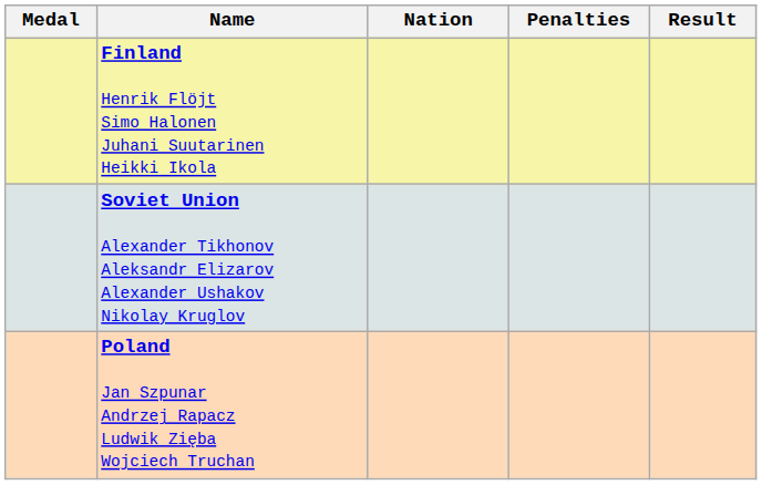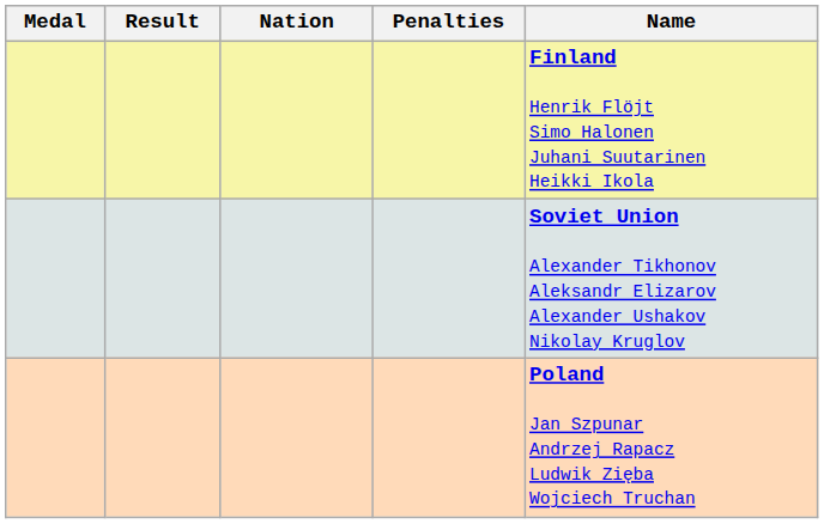 <table class=wikitable style="border:1px solid #AAAAAA;font-size:90%">
 <tr bgcolor="#E4E4E4">
 <th style="border-bottom:1px solid #AAAAAA" width=50>Medal</th>
-<th style="border-bottom:1px solid #AAAAAA" width=160>Name</th>
+<th style="border-bottom:1px solid #AAAAAA" width=60>Result</th>
 <th style="border-bottom:1px solid #AAAAAA" width=80>Nation</th>
 <th style="border-bottom:1px solid #AAAAAA" width=80>Penalties</th>
-<th style="border-bottom:1px solid #AAAAAA" width=60>Result</th>
+<th style="border-bottom:1px solid #AAAAAA" width=160>Name</th>
 </tr>
 <tr bgcolor="#F7F6A8">
 <td align="center"></td>
-<td><strong><a href='#'>Finland</a></strong><br><br><small><a href='#'>Henrik Flöjt</a><br><a href='#'>Simo Halonen</a><br><a href='#'>Juhani Suutarinen</a><br><a href='#'>Heikki Ikola</a></small></td>
+<td align="center"></td>
 <td></td>
 <td align="center"></td>
-<td align="center"></td>
+<td><strong><a href='#'>Finland</a></strong><br><br><small><a href='#'>Henrik Flöjt</a><br><a href='#'>Simo Halonen</a><br><a href='#'>Juhani Suutarinen</a><br><a href='#'>Heikki Ikola</a></small></td>
 </tr>
 <tr bgcolor="#DCE5E5">
 <td align="center"></td>
-<td><strong><a href='#'>Soviet Union</a></strong><br><br><small><a href='#'>Alexander Tikhonov</a><br><a href='#'>Aleksandr Elizarov</a><br><a href='#'>Alexander Ushakov</a><br><a href='#'>Nikolay Kruglov</a></small></td>
+<td align="right"></td>
 <td></td>
 <td align="center"></td>
-<td align="right"></td>
+<td><strong><a href='#'>Soviet Union</a></strong><br><br><small><a href='#'>Alexander Tikhonov</a><br><a href='#'>Aleksandr Elizarov</a><br><a href='#'>Alexander Ushakov</a><br><a href='#'>Nikolay Kruglov</a></small></td>
 </tr>
 <tr bgcolor="#FFDAB9">
 <td align="center"></td>
-<td><strong><a href='#'>Poland</a></strong><br><br><small><a href='#'>Jan Szpunar</a><br><a href='#'>Andrzej Rapacz</a><br><a href='#'>Ludwik Zięba</a><br><a href='#'>Wojciech Truchan</a></small></td>
+<td align="right"></td>
 <td></td>
 <td align="center"></td>
-<td align="right"></td>
+<td><strong><a href='#'>Poland</a></strong><br><br><small><a href='#'>Jan Szpunar</a><br><a href='#'>Andrzej Rapacz</a><br><a href='#'>Ludwik Zięba</a><br><a href='#'>Wojciech Truchan</a></small></td>
 </tr>
 </table>
